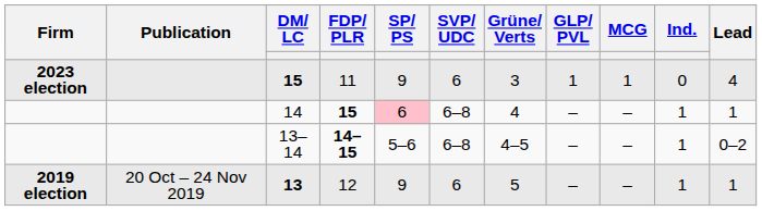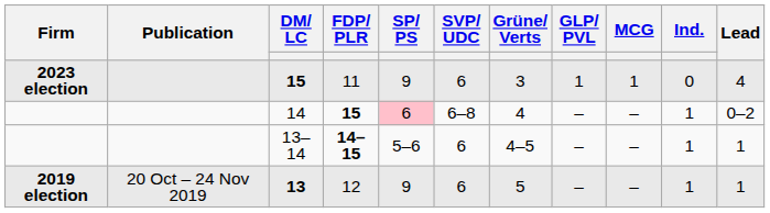 <table class="wikitable sortable" style="text-align:center;font-size:90%;line-height:14px;">
 <tr style="height:40px;">
 <th style="width:80px;" rowspan="2">Firm</th>
 <th style="width:130px;" rowspan="2">Publication</th>
 <th class="unsortable" style="width:40px;"><a href='#'>DM/<br>LC</a></th>
 <th class="unsortable" style="width:40px;"><a href='#'>FDP/<br>PLR</a></th>
 <th class="unsortable" style="width:40px;"><a href='#'>SP/<br>PS</a></th>
 <th class="unsortable" style="width:40px;"><a href='#'>SVP/<br>UDC</a></th>
 <th class="unsortable" style="width:40px;"><a href='#'>Grüne/<br>Verts</a></th>
 <th class="unsortable" style="width:40px;"><a href='#'>GLP/<br>PVL</a></th>
 <th class="unsortable" style="width:40px;"><a href='#'>MCG</a></th>
 <th class="unsortable" style="width:40px;"><a href='#'>Ind.</a></th>
 <th style="width:30px;" rowspan="2">Lead</th>
 </tr>
 <tr>
 <th style="background:"></th>
 <th style="background:"></th>
 <th style="background:"></th>
 <th style="background:"></th>
 <th style="background:"></th>
 <th style="background:"></th>
 <th style="background:"></th>
 <th style="background:"></th>
 </tr>
 <tr style="background:#E9E9E9;">
 <td><strong>2023 election</strong></td>
 <td></td>
 <td style="background:#"><strong>15</strong></td>
 <td>11</td>
 <td>9</td>
 <td>6</td>
 <td>3</td>
 <td>1</td>
 <td>1</td>
 <td>0</td>
 <td style="background:">4</td>
 </tr>
 <tr>
 <td></td>
 <td></td>
 <td>14</td>
 <td style="background:#"><strong>15</strong></td>
 <td style="background: pink;">6</td>
 <td>6–8</td>
 <td>4</td>
 <td>–</td>
 <td>–</td>
 <td>1</td>
-<td style="background:">1</td>
+<td style="background:">0–2</td>
 </tr>
 <tr>
 <td></td>
 <td></td>
 <td>13–14</td>
 <td style="background:#"><strong>14–15</strong></td>
 <td>5–6</td>
-<td>6–8</td>
+<td>6</td>
 <td>4–5</td>
 <td>–</td>
 <td>–</td>
 <td>1</td>
-<td style="background:">0–2</td>
+<td style="background:">1</td>
 </tr>
 <tr style="background:#E9E9E9;">
 <td><strong>2019 election</strong></td>
 <td>20 Oct – 24 Nov 2019</td>
 <td style="background:#"><strong>13</strong></td>
 <td>12</td>
 <td>9</td>
 <td>6</td>
 <td>5</td>
 <td>–</td>
 <td>–</td>
 <td>1</td>
 <td style="background:">1</td>
 </tr>
 </table>
